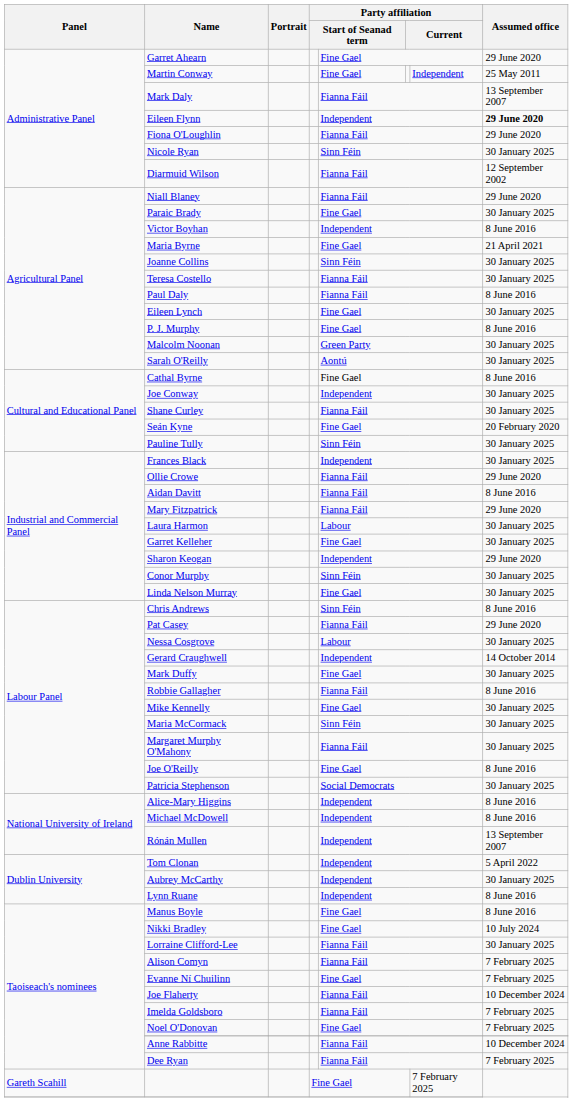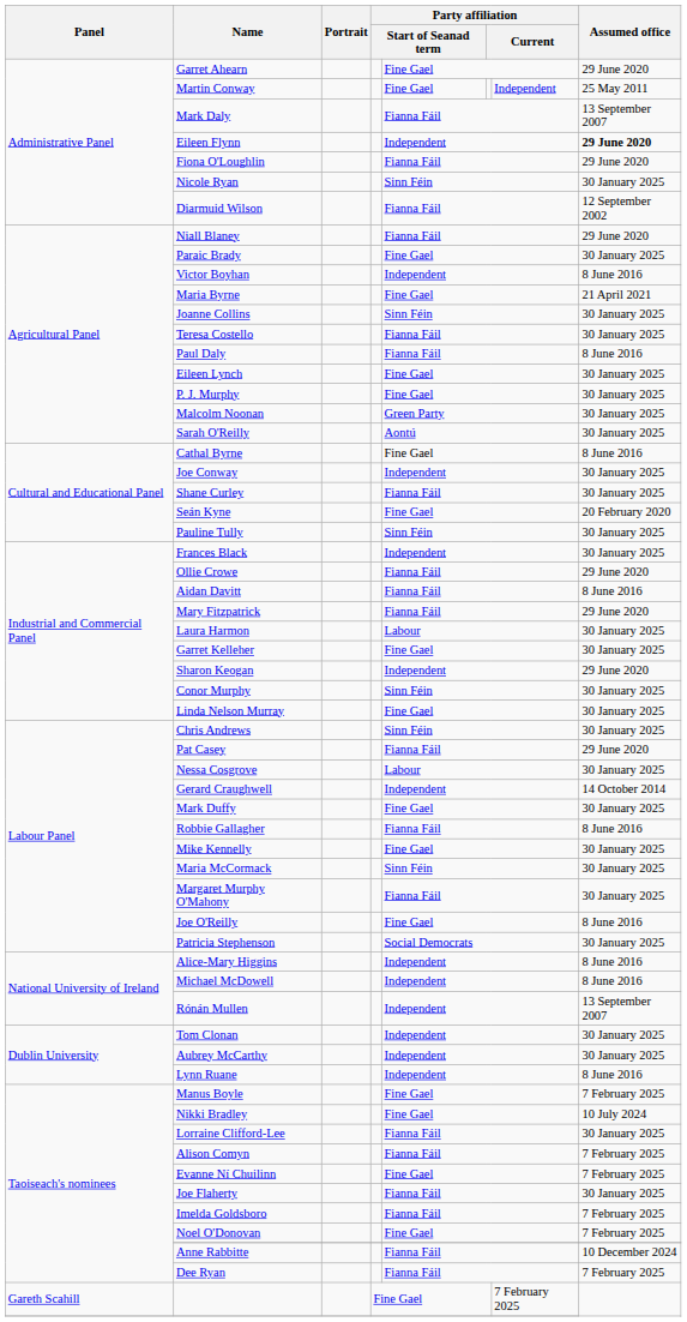 <table class="wikitable sortable">
 <tr>
 <th rowspan=2>Panel</th>
 <th rowspan=2>Name</th>
 <th class="unsortable" rowspan=2>Portrait</th>
 <th colspan=4>Party affiliation<br></th>
 <th data-sort-type="date" rowspan=2>Assumed office</th>
 </tr>
 <tr>
 <th colspan=2>Start of Seanad term</th>
 <th colspan=2>Current</th>
 </tr>
 <tr>
 <td rowspan=7><a href='#'>Administrative Panel</a></td>
 <td data-sort-value="Ahearn, Garret"><a href='#'>Garret Ahearn</a></td>
 <td></td>
 <td style="background-color:"></td>
 <td colspan=3><a href='#'>Fine Gael</a></td>
 <td>29 June 2020</td>
 </tr>
 <tr>
 <td data-sort-value="Conway, Martin"><a href='#'>Martin Conway</a></td>
 <td></td>
 <td style="background-color:"></td>
 <td><a href='#'>Fine Gael</a></td>
 <td style="background-color:"></td>
 <td><a href='#'>Independent</a><br></td>
 <td>25 May 2011</td>
 </tr>
 <tr>
 <td data-sort-value="Daly, Mark"><a href='#'>Mark Daly</a></td>
 <td></td>
 <td style="background-color:"></td>
 <td colspan=3><a href='#'>Fianna Fáil</a></td>
 <td>13 September 2007</td>
 </tr>
 <tr>
 <td data-sort-value="Flynn, Eileen"><a href='#'>Eileen Flynn</a></td>
 <td></td>
 <td style="background-color:"></td>
 <td colspan=3><a href='#'>Independent</a><br></td>
 <td><strong>29 June 2020</strong></td>
 </tr>
 <tr>
 <td data-sort-value="OLoughlin, Fiona"><a href='#'>Fiona O'Loughlin</a></td>
 <td></td>
 <td style="background-color:"></td>
 <td colspan=3><a href='#'>Fianna Fáil</a></td>
 <td>29 June 2020</td>
 </tr>
 <tr>
 <td data-sort-value="Ryan, Nicole"><a href='#'>Nicole Ryan</a></td>
 <td></td>
 <td style="background-color:"></td>
 <td colspan=3><a href='#'>Sinn Féin</a></td>
 <td>30 January 2025</td>
 </tr>
 <tr>
 <td data-sort-value="Wilson, Diarmuid"><a href='#'>Diarmuid Wilson</a></td>
 <td></td>
 <td style="background-color:"></td>
 <td colspan=3><a href='#'>Fianna Fáil</a></td>
 <td>12 September 2002</td>
 </tr>
 <tr>
 <td rowspan=11><a href='#'>Agricultural Panel</a></td>
 <td data-sort-value="Blaney, Niall"><a href='#'>Niall Blaney</a></td>
 <td></td>
 <td style="background-color:"></td>
 <td colspan=3><a href='#'>Fianna Fáil</a></td>
 <td>29 June 2020</td>
 </tr>
 <tr>
 <td data-sort-value="Brady, Paraic"><a href='#'>Paraic Brady</a></td>
 <td></td>
 <td style="background-color:"></td>
 <td colspan=3><a href='#'>Fine Gael</a></td>
 <td>30 January 2025</td>
 </tr>
 <tr>
 <td data-sort-value="Boyhan, Victor"><a href='#'>Victor Boyhan</a></td>
 <td></td>
 <td style="background-color:"></td>
 <td colspan=3><a href='#'>Independent</a></td>
 <td>8 June 2016</td>
 </tr>
 <tr>
 <td data-sort-value="Byrne, Maria"><a href='#'>Maria Byrne</a></td>
 <td></td>
 <td style="background-color:"></td>
 <td colspan=3><a href='#'>Fine Gael</a></td>
 <td>21 April 2021</td>
 </tr>
 <tr>
 <td data-sort-value="Collins, Joanne"><a href='#'>Joanne Collins</a></td>
 <td></td>
 <td style="background-color:"></td>
 <td colspan=3><a href='#'>Sinn Féin</a></td>
 <td>30 January 2025</td>
 </tr>
 <tr>
 <td data-sort-value="Costello, Teresa"><a href='#'>Teresa Costello</a></td>
 <td></td>
 <td style="background-color:"></td>
 <td colspan=3><a href='#'>Fianna Fáil</a></td>
 <td>30 January 2025</td>
 </tr>
 <tr>
 <td data-sort-value="Daly, Paul"><a href='#'>Paul Daly</a></td>
 <td></td>
 <td style="background-color:"></td>
 <td colspan=3><a href='#'>Fianna Fáil</a></td>
 <td>8 June 2016</td>
 </tr>
 <tr>
 <td data-sort-value="Lynch, Eileen"><a href='#'>Eileen Lynch</a></td>
 <td></td>
 <td style="background-color:"></td>
 <td colspan=3><a href='#'>Fine Gael</a></td>
 <td>30 January 2025</td>
 </tr>
 <tr>
 <td data-sort-value="Murphy, P.J."><a href='#'>P. J. Murphy</a></td>
 <td></td>
 <td style="background-color:"></td>
 <td colspan=3><a href='#'>Fine Gael</a></td>
-<td>8 June 2016</td>
+<td>30 January 2025</td>
 </tr>
 <tr>
 <td data-sort-value="Noonan, Malcolm"><a href='#'>Malcolm Noonan</a></td>
 <td></td>
 <td style="background-color:"></td>
 <td colspan=3><a href='#'>Green Party</a></td>
 <td>30 January 2025</td>
 </tr>
 <tr>
 <td data-sort-value="O'Reilly, Sarah"><a href='#'>Sarah O'Reilly</a></td>
 <td></td>
 <td style="background-color:"></td>
 <td colspan=3><a href='#'>Aontú</a></td>
 <td>30 January 2025</td>
 </tr>
 <tr>
 <td rowspan=5><a href='#'>Cultural and Educational Panel</a></td>
 <td data-sort-value="Byrne, Cathal"><a href='#'>Cathal Byrne</a></td>
 <td></td>
 <td style="background-color:"></td>
 <td colspan=3>Fine Gael</td>
 <td>8 June 2016</td>
 </tr>
 <tr>
 <td data-sort-value="Conway, Joe"><a href='#'>Joe Conway</a></td>
 <td></td>
 <td style="background-color:"></td>
 <td colspan=3><a href='#'>Independent</a></td>
 <td>30 January 2025</td>
 </tr>
 <tr>
 <td data-sort-value="Curley, Shane"><a href='#'>Shane Curley</a></td>
 <td></td>
 <td style="background-color:"></td>
 <td colspan=3><a href='#'>Fianna Fáil</a></td>
 <td>30 January 2025</td>
 </tr>
 <tr>
 <td data-sort-value="Kyne, Seán"><a href='#'>Seán Kyne</a></td>
 <td></td>
 <td style="background-color:"></td>
 <td colspan=3><a href='#'>Fine Gael</a></td>
 <td>20 February 2020</td>
 </tr>
 <tr>
 <td data-sort-value="Tully, Pauline"><a href='#'>Pauline Tully</a></td>
 <td></td>
 <td style="background-color:"></td>
 <td colspan=3><a href='#'>Sinn Féin</a></td>
 <td>30 January 2025</td>
 </tr>
 <tr>
 <td rowspan=9><a href='#'>Industrial and Commercial Panel</a></td>
 <td data-sort-value="Black, Frances"><a href='#'>Frances Black</a></td>
 <td></td>
 <td style="background-color:"></td>
 <td colspan=3><a href='#'>Independent</a> <br></td>
 <td>30 January 2025</td>
 </tr>
 <tr>
 <td data-sort-value="Crowe, Ollie"><a href='#'>Ollie Crowe</a></td>
 <td></td>
 <td style="background-color:"></td>
 <td colspan=3><a href='#'>Fianna Fáil</a></td>
 <td>29 June 2020</td>
 </tr>
 <tr>
 <td data-sort-value="Davitt, Aidan"><a href='#'>Aidan Davitt</a></td>
 <td></td>
 <td style="background-color:"></td>
 <td colspan=3><a href='#'>Fianna Fáil</a></td>
 <td>8 June 2016</td>
 </tr>
 <tr>
 <td data-sort-value="Fitzpatrick,Mary"><a href='#'>Mary Fitzpatrick</a></td>
 <td></td>
 <td style="background-color:"></td>
 <td colspan=3><a href='#'>Fianna Fáil</a></td>
 <td>29 June 2020</td>
 </tr>
 <tr>
 <td data-sort-value="Harmon, Laura"><a href='#'>Laura Harmon</a></td>
 <td></td>
 <td style="background-color:"></td>
 <td colspan=3><a href='#'>Labour</a></td>
 <td>30 January 2025</td>
 </tr>
 <tr>
 <td data-sort-value="Kelleher, Garret"><a href='#'>Garret Kelleher</a></td>
 <td></td>
 <td style="background-color:"></td>
 <td colspan=3><a href='#'>Fine Gael</a></td>
 <td>30 January 2025</td>
 </tr>
 <tr>
 <td data-sort-value="Keogan, Sharon"><a href='#'>Sharon Keogan</a></td>
 <td></td>
 <td style="background-color:"></td>
 <td colspan=3><a href='#'>Independent</a></td>
 <td>29 June 2020</td>
 </tr>
 <tr>
 <td data-sort-value="Murphy, Conor"><a href='#'>Conor Murphy</a></td>
 <td></td>
 <td style="background-color:"></td>
 <td colspan=3><a href='#'>Sinn Féin</a></td>
 <td>30 January 2025</td>
 </tr>
 <tr>
 <td data-sort-value="Nelson Murray, Linda"><a href='#'>Linda Nelson Murray</a></td>
 <td></td>
 <td style="background-color:"></td>
 <td colspan=3><a href='#'>Fine Gael</a></td>
 <td>30 January 2025</td>
 </tr>
 <tr>
 <td rowspan=11><a href='#'>Labour Panel</a></td>
 <td data-sort-value="Andrews, Chris"><a href='#'>Chris Andrews</a></td>
 <td></td>
 <td style="background-color:"></td>
 <td colspan=3><a href='#'>Sinn Féin</a></td>
-<td>8 June 2016</td>
+<td>30 January 2025</td>
 </tr>
 <tr>
 <td data-sort-value="Casey, Pat"><a href='#'>Pat Casey</a></td>
 <td></td>
 <td style="background-color:"></td>
 <td colspan=3><a href='#'>Fianna Fáil</a></td>
 <td>29 June 2020</td>
 </tr>
 <tr>
 <td data-sort-value="Cosgrove, Nessa"><a href='#'>Nessa Cosgrove</a></td>
 <td></td>
 <td style="background-color:"></td>
 <td colspan=3><a href='#'>Labour</a></td>
 <td>30 January 2025</td>
 </tr>
 <tr>
 <td data-sort-value="Craughwell, Gerard"><a href='#'>Gerard Craughwell</a></td>
 <td></td>
 <td style="background-color:"></td>
 <td colspan=3><a href='#'>Independent</a></td>
 <td>14 October 2014</td>
 </tr>
 <tr>
 <td data-sort-value="Duffy, Mark"><a href='#'>Mark Duffy</a></td>
 <td></td>
 <td style="background-color:"></td>
 <td colspan=3><a href='#'>Fine Gael</a></td>
 <td>30 January 2025</td>
 </tr>
 <tr>
 <td data-sort-value="Gallagher, Robbie"><a href='#'>Robbie Gallagher</a></td>
 <td></td>
 <td style="background-color:"></td>
 <td colspan=3><a href='#'>Fianna Fáil</a></td>
 <td>8 June 2016</td>
 </tr>
 <tr>
 <td data-sort-value="Kennelly, Mike"><a href='#'>Mike Kennelly</a></td>
 <td></td>
 <td style="background-color:"></td>
 <td colspan=3><a href='#'>Fine Gael</a></td>
 <td>30 January 2025</td>
 </tr>
 <tr>
 <td data-sort-value="McCormack, Maria"><a href='#'>Maria McCormack</a></td>
 <td></td>
 <td style="background-color:"></td>
 <td colspan=3><a href='#'>Sinn Féin</a></td>
 <td>30 January 2025</td>
 </tr>
 <tr>
 <td data-sort-value="Murphy O'Mahony, Margaret"><a href='#'>Margaret Murphy O'Mahony</a></td>
 <td></td>
 <td style="background-color:"></td>
 <td colspan=3><a href='#'>Fianna Fáil</a></td>
 <td>30 January 2025</td>
 </tr>
 <tr>
 <td data-sort-value="OReilly, Joe"><a href='#'>Joe O'Reilly</a></td>
 <td></td>
 <td style="background-color:"></td>
 <td colspan=3><a href='#'>Fine Gael</a></td>
 <td>8 June 2016</td>
 </tr>
 <tr>
 <td data-sort-value="Stephenson, Patricia"><a href='#'>Patricia Stephenson</a></td>
 <td></td>
 <td style="background-color:"></td>
 <td colspan=3><a href='#'>Social Democrats</a></td>
 <td>30 January 2025</td>
 </tr>
 <tr>
 <td rowspan=3><a href='#'>National University of Ireland</a></td>
 <td data-sort-value="Higgins, Alice-Mary"><a href='#'>Alice-Mary Higgins</a></td>
 <td></td>
 <td style="background-color:"></td>
 <td colspan=3><a href='#'>Independent</a> <br></td>
 <td>8 June 2016</td>
 </tr>
 <tr>
 <td data-sort-value="McDowell, Michael"><a href='#'>Michael McDowell</a></td>
 <td></td>
 <td style="background-color:"></td>
 <td colspan=3><a href='#'>Independent</a></td>
 <td>8 June 2016</td>
 </tr>
 <tr>
 <td data-sort-value="Mullen, Rónán"><a href='#'>Rónán Mullen</a></td>
 <td></td>
 <td style="background-color:"></td>
 <td colspan=3><a href='#'>Independent</a></td>
 <td>13 September 2007</td>
 </tr>
 <tr>
 <td rowspan=3><a href='#'>Dublin University</a></td>
 <td data-sort-value="Clonan, Tom"><a href='#'>Tom Clonan</a></td>
 <td></td>
 <td style="background-color:"></td>
 <td colspan=3><a href='#'>Independent</a></td>
-<td>5 April 2022</td>
+<td>30 January 2025</td>
 </tr>
 <tr>
 <td data-sort-value="McCarthy, Aubrey"><a href='#'>Aubrey McCarthy</a></td>
 <td></td>
 <td style="background-color:"></td>
 <td colspan=3><a href='#'>Independent</a></td>
 <td>30 January 2025</td>
 </tr>
 <tr>
 <td data-sort-value="Ruane, Lynn"><a href='#'>Lynn Ruane</a></td>
 <td></td>
 <td style="background-color:"></td>
 <td colspan=3><a href='#'>Independent</a> <br></td>
 <td>8 June 2016</td>
 </tr>
 <tr>
 <td rowspan=11><a href='#'>Taoiseach's nominees</a></td>
 <td data-sort-value="Boyle, Manus"><a href='#'>Manus Boyle</a></td>
 <td></td>
 <td style="background-color:"></td>
 <td colspan=3><a href='#'>Fine Gael</a></td>
-<td>8 June 2016</td>
+<td>7 February 2025</td>
 </tr>
 <tr>
 <td data-sort-value="Bradley, Nikki"><a href='#'>Nikki Bradley</a></td>
 <td></td>
 <td style="background-color:"></td>
 <td colspan=3><a href='#'>Fine Gael</a></td>
 <td>10 July 2024</td>
 </tr>
 <tr>
 <td data-sort-value="Clifford-Lee, Lorraine"><a href='#'>Lorraine Clifford-Lee</a></td>
 <td></td>
 <td style="background-color:"></td>
 <td colspan=3><a href='#'>Fianna Fáil</a></td>
 <td>30 January 2025</td>
 </tr>
 <tr>
 <td data-sort-value="Comyn, Alison"><a href='#'>Alison Comyn</a></td>
 <td></td>
 <td style="background-color:"></td>
 <td colspan=3><a href='#'>Fianna Fáil</a></td>
 <td>7 February 2025</td>
 </tr>
 <tr>
 <td data-sort-value="Ní Chuilinn, Evanne"><a href='#'>Evanne Ní Chuilinn</a></td>
 <td></td>
 <td style="background-color:"></td>
 <td colspan=3><a href='#'>Fine Gael</a></td>
 <td>7 February 2025</td>
 </tr>
 <tr>
 <td data-sort-value="Flaherty, Joe"><a href='#'>Joe Flaherty</a></td>
 <td></td>
 <td style="background-color:"></td>
 <td colspan=3><a href='#'>Fianna Fáil</a></td>
-<td>10 December 2024</td>
+<td>30 January 2025</td>
 </tr>
 <tr>
 <td data-sort-value="Goldsboro, Imelda"><a href='#'>Imelda Goldsboro</a></td>
 <td></td>
 <td style="background-color:"></td>
 <td colspan=3><a href='#'>Fianna Fáil</a></td>
 <td>7 February 2025</td>
 </tr>
 <tr>
 <td data-sort-value="O'Donovan, Noel"><a href='#'>Noel O'Donovan</a></td>
 <td></td>
 <td style="background-color:"></td>
 <td colspan=3><a href='#'>Fine Gael</a></td>
 <td>7 February 2025</td>
 </tr>
 <tr>
 </tr>
 <tr>
 <td data-sort-value="Rabbitte, Anne"><a href='#'>Anne Rabbitte</a></td>
 <td></td>
 <td style="background-color:"></td>
 <td colspan=3><a href='#'>Fianna Fáil</a></td>
 <td>10 December 2024</td>
 </tr>
 <tr>
 <td data-sort-value="Ryan, Dee"><a href='#'>Dee Ryan</a></td>
 <td></td>
 <td style="background-color:"></td>
 <td colspan=3><a href='#'>Fianna Fáil</a></td>
 <td>7 February 2025</td>
 </tr>
 <tr>
 <td data-sort-value="Scahill, Gareth"><a href='#'>Gareth Scahill</a></td>
 <td></td>
 <td style="background-color:"></td>
 <td colspan=3><a href='#'>Fine Gael</a></td>
 <td>7 February 2025</td>
 </tr>
 <tr>
 </tr>
 </table>
